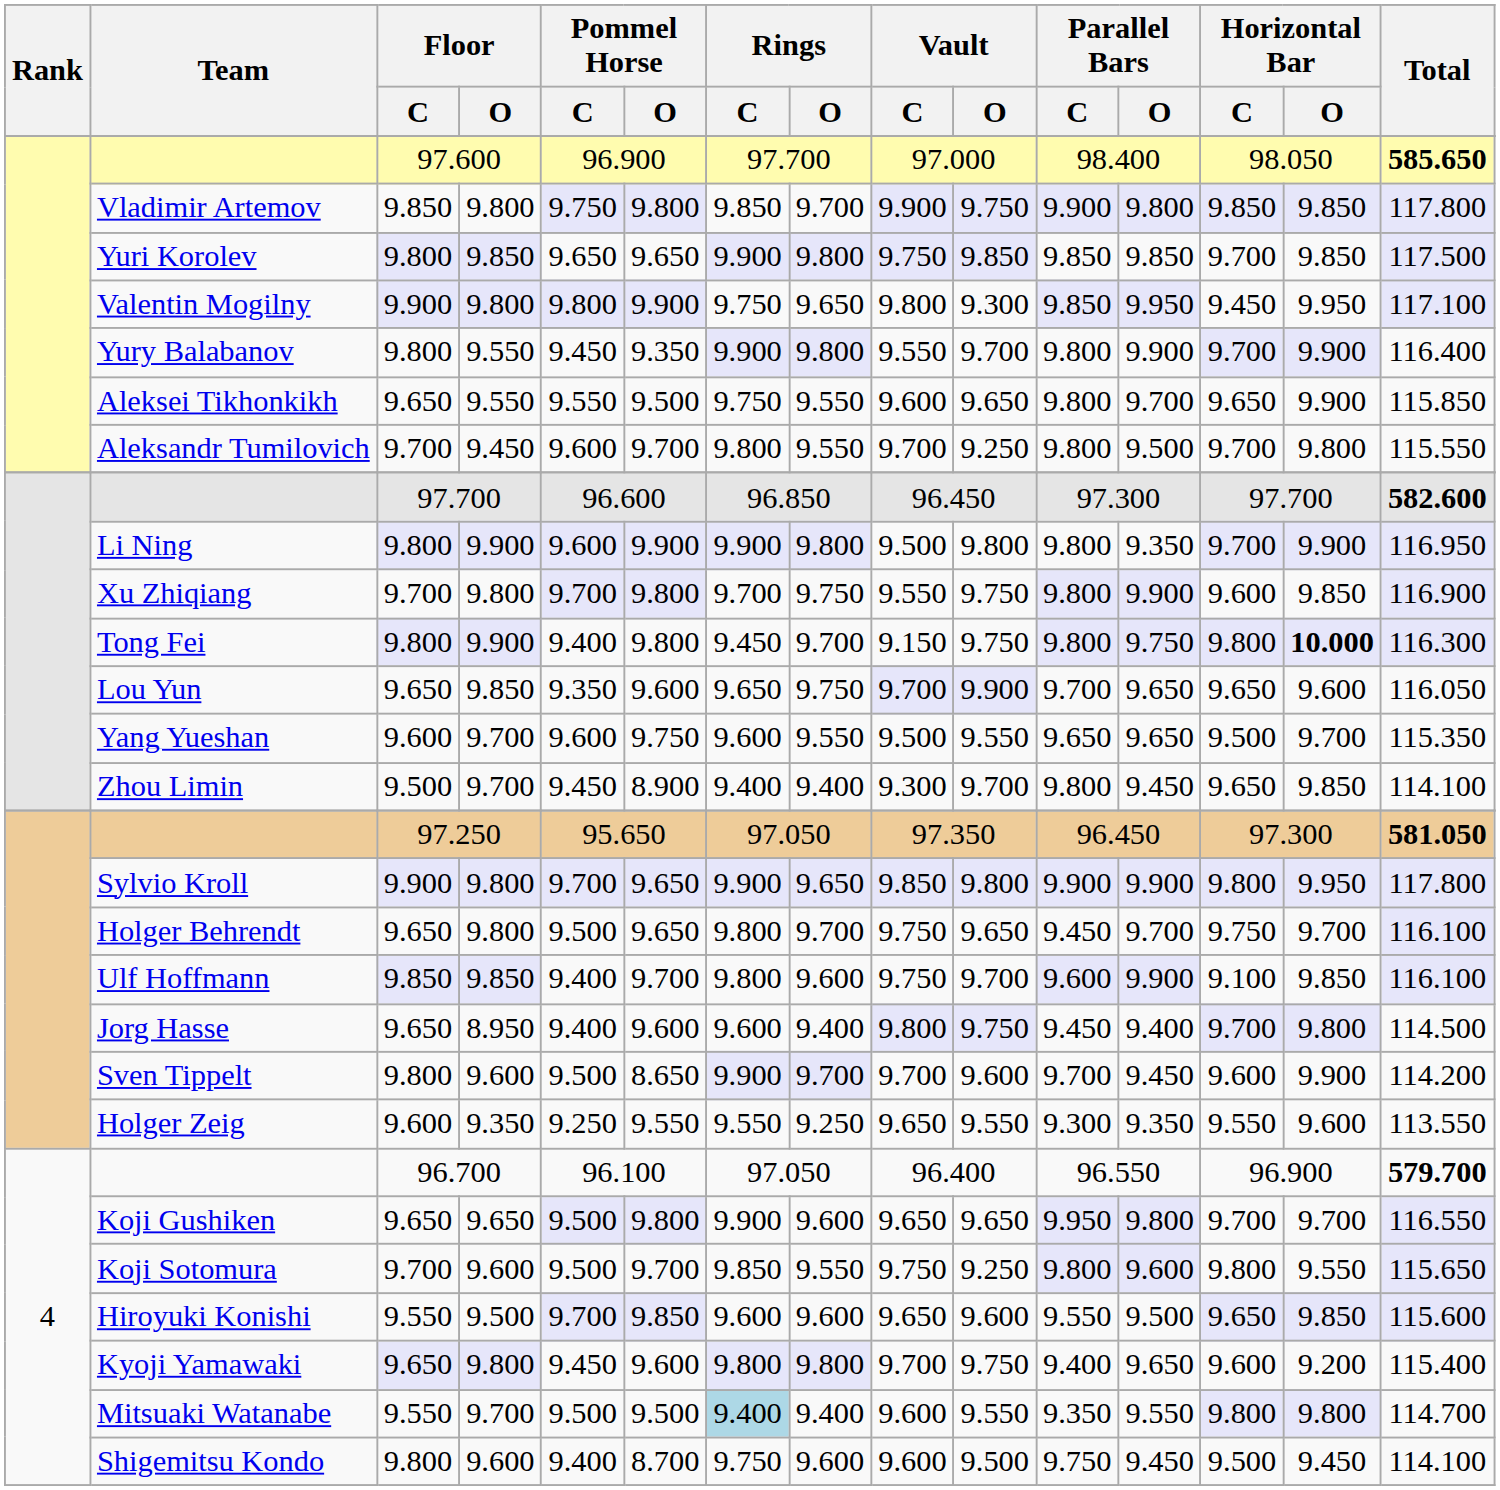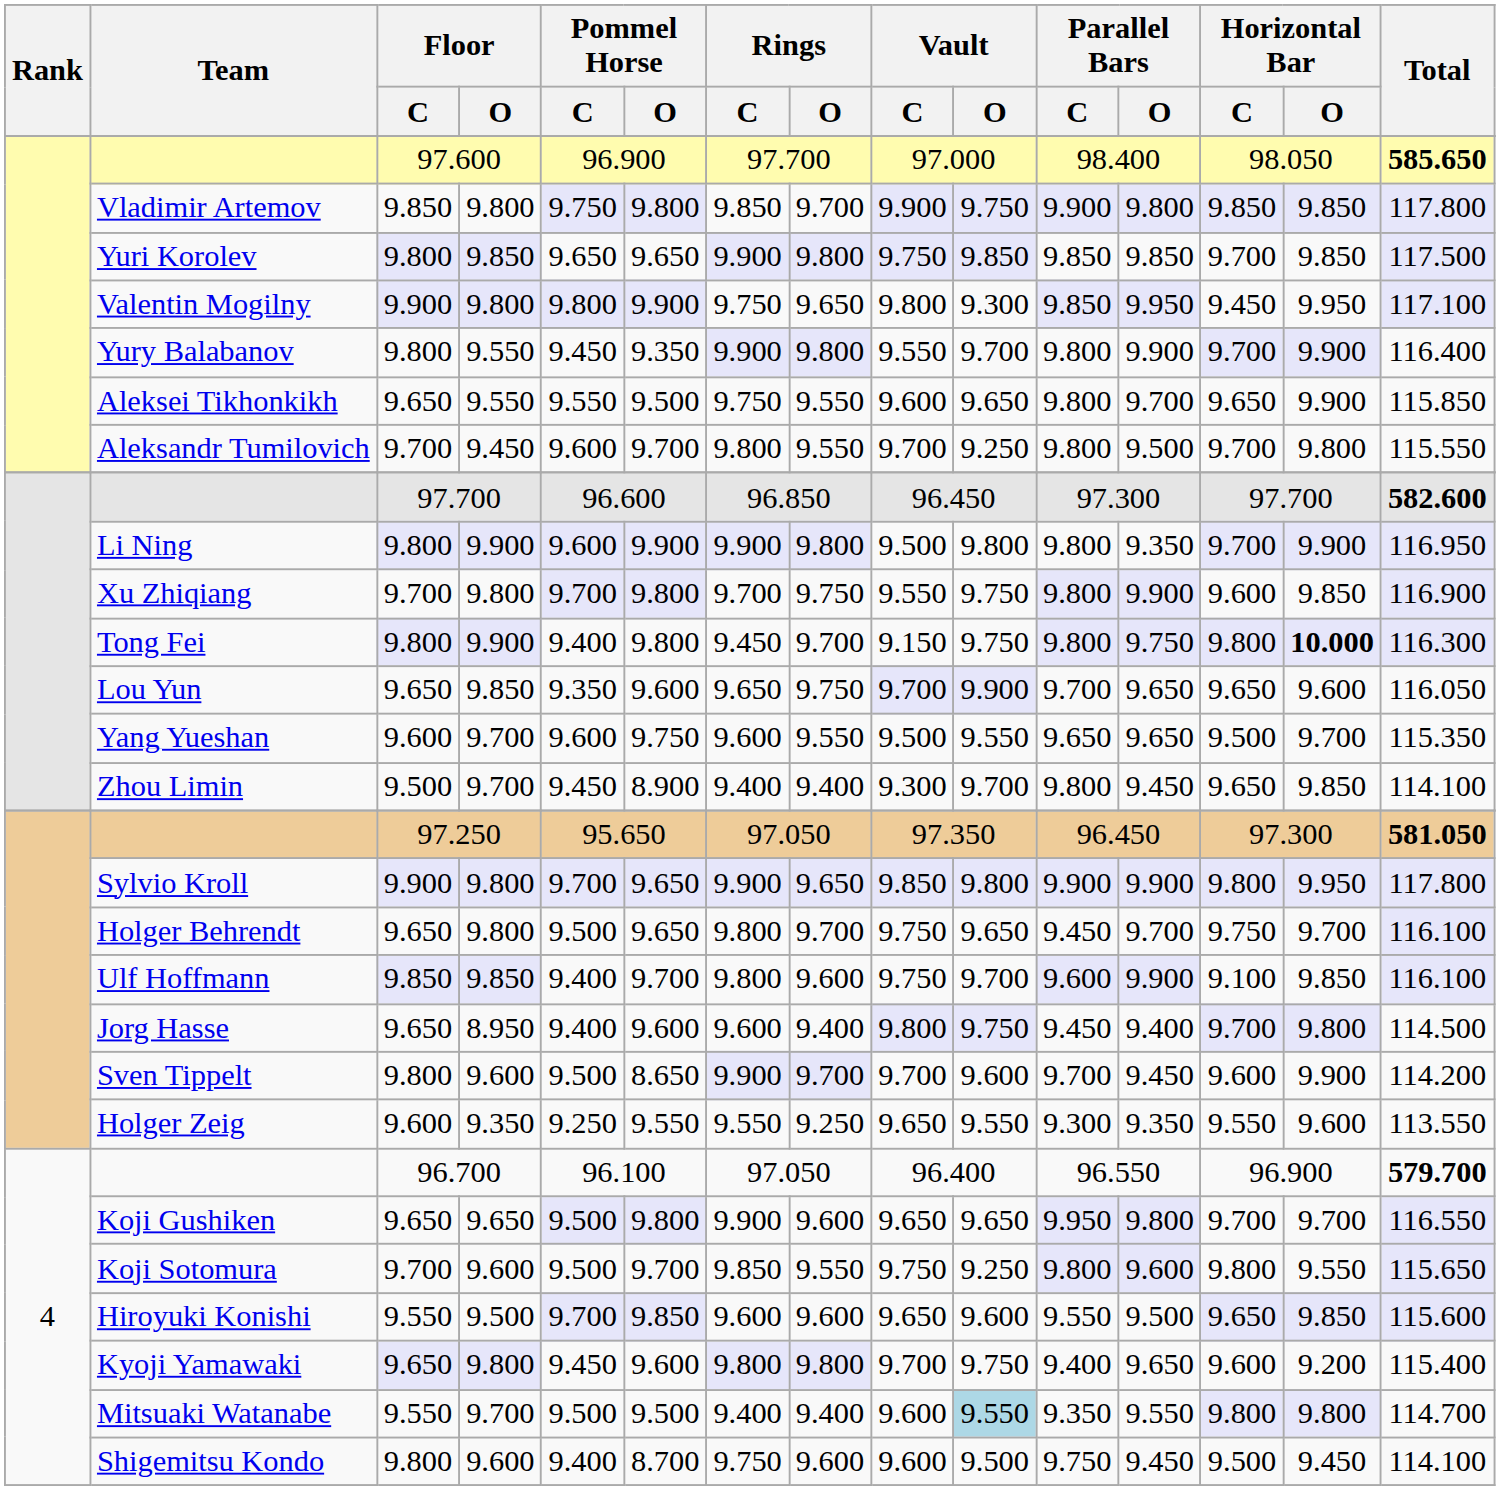 <table class="wikitable" style="text-align:center">
 <tr>
 <th rowspan=2>Rank</th>
 <th rowspan=2>Team</th>
 <th colspan=2>Floor</th>
 <th colspan=2>Pommel<br>Horse</th>
 <th colspan=2>Rings</th>
 <th colspan=2>Vault</th>
 <th colspan=2>Parallel<br>Bars</th>
 <th colspan=2>Horizontal<br>Bar</th>
 <th rowspan=2>Total</th>
 </tr>
 <tr>
 <th>C</th>
 <th>O</th>
 <th>C</th>
 <th>O</th>
 <th>C</th>
 <th>O</th>
 <th>C</th>
 <th>O</th>
 <th>C</th>
 <th>O</th>
 <th>C</th>
 <th>O</th>
 </tr>
 <tr>
 </tr>
 <tr style="background:#fffcaf;">
 <td rowspan=7></td>
 <td align=left></td>
 <td colspan=2>97.600</td>
 <td colspan=2>96.900</td>
 <td colspan=2>97.700</td>
 <td colspan=2>97.000</td>
 <td colspan=2>98.400</td>
 <td colspan=2>98.050</td>
 <td><strong>585.650</strong></td>
 </tr>
 <tr>
 <td align=left><a href='#'>Vladimir Artemov</a></td>
 <td>9.850</td>
 <td>9.800</td>
 <td bgcolor="lavender">9.750</td>
 <td bgcolor="lavender">9.800</td>
 <td>9.850</td>
 <td>9.700</td>
 <td bgcolor="lavender">9.900</td>
 <td bgcolor="lavender">9.750</td>
 <td bgcolor="lavender">9.900</td>
 <td bgcolor="lavender">9.800</td>
 <td bgcolor="lavender">9.850</td>
 <td bgcolor="lavender">9.850</td>
 <td bgcolor="lavender">117.800</td>
 </tr>
 <tr>
 <td align=left><a href='#'>Yuri Korolev</a></td>
 <td bgcolor="lavender">9.800</td>
 <td bgcolor="lavender">9.850</td>
 <td>9.650</td>
 <td>9.650</td>
 <td bgcolor="lavender">9.900</td>
 <td bgcolor="lavender">9.800</td>
 <td bgcolor="lavender">9.750</td>
 <td bgcolor="lavender">9.850</td>
 <td>9.850</td>
 <td>9.850</td>
 <td>9.700</td>
 <td>9.850</td>
 <td bgcolor="lavender">117.500</td>
 </tr>
 <tr>
 <td align=left><a href='#'>Valentin Mogilny</a></td>
 <td bgcolor="lavender">9.900</td>
 <td bgcolor="lavender">9.800</td>
 <td bgcolor="lavender">9.800</td>
 <td bgcolor="lavender">9.900</td>
 <td>9.750</td>
 <td>9.650</td>
 <td>9.800</td>
 <td>9.300</td>
 <td bgcolor="lavender">9.850</td>
 <td bgcolor="lavender">9.950</td>
 <td>9.450</td>
 <td>9.950</td>
 <td bgcolor="lavender">117.100</td>
 </tr>
 <tr>
 <td align=left><a href='#'>Yury Balabanov</a></td>
 <td>9.800</td>
 <td>9.550</td>
 <td>9.450</td>
 <td>9.350</td>
 <td bgcolor="lavender">9.900</td>
 <td bgcolor="lavender">9.800</td>
 <td>9.550</td>
 <td>9.700</td>
 <td>9.800</td>
 <td>9.900</td>
 <td bgcolor="lavender">9.700</td>
 <td bgcolor="lavender">9.900</td>
 <td>116.400</td>
 </tr>
 <tr>
 <td align=left><a href='#'>Aleksei Tikhonkikh</a></td>
 <td>9.650</td>
 <td>9.550</td>
 <td>9.550</td>
 <td>9.500</td>
 <td>9.750</td>
 <td>9.550</td>
 <td>9.600</td>
 <td>9.650</td>
 <td>9.800</td>
 <td>9.700</td>
 <td>9.650</td>
 <td>9.900</td>
 <td>115.850</td>
 </tr>
 <tr>
 <td align=left><a href='#'>Aleksandr Tumilovich</a></td>
 <td>9.700</td>
 <td>9.450</td>
 <td>9.600</td>
 <td>9.700</td>
 <td>9.800</td>
 <td>9.550</td>
 <td>9.700</td>
 <td>9.250</td>
 <td>9.800</td>
 <td>9.500</td>
 <td>9.700</td>
 <td>9.800</td>
 <td>115.550</td>
 </tr>
 <tr>
 </tr>
 <tr style="background:#e5e5e5;">
 <td rowspan=7></td>
 <td align=left></td>
 <td colspan=2>97.700</td>
 <td colspan=2>96.600</td>
 <td colspan="2">96.850</td>
 <td colspan=2>96.450</td>
 <td colspan=2>97.300</td>
 <td colspan=2>97.700</td>
 <td><strong>582.600</strong></td>
 </tr>
 <tr>
 <td align=left><a href='#'>Li Ning</a></td>
 <td bgcolor="lavender">9.800</td>
 <td bgcolor="lavender">9.900</td>
 <td bgcolor="lavender">9.600</td>
 <td bgcolor="lavender">9.900</td>
 <td bgcolor="lavender">9.900</td>
 <td bgcolor="lavender">9.800</td>
 <td>9.500</td>
 <td>9.800</td>
 <td>9.800</td>
 <td>9.350</td>
 <td bgcolor="lavender">9.700</td>
 <td bgcolor="lavender">9.900</td>
 <td bgcolor="lavender">116.950</td>
 </tr>
 <tr>
 <td align=left><a href='#'>Xu Zhiqiang</a></td>
 <td>9.700</td>
 <td>9.800</td>
 <td bgcolor="lavender">9.700</td>
 <td bgcolor="lavender">9.800</td>
 <td>9.700</td>
 <td>9.750</td>
 <td>9.550</td>
 <td>9.750</td>
 <td bgcolor="lavender">9.800</td>
 <td bgcolor="lavender">9.900</td>
 <td>9.600</td>
 <td>9.850</td>
 <td bgcolor="lavender">116.900</td>
 </tr>
 <tr>
 <td align=left><a href='#'>Tong Fei</a></td>
 <td bgcolor="lavender">9.800</td>
 <td bgcolor="lavender">9.900</td>
 <td>9.400</td>
 <td>9.800</td>
 <td>9.450</td>
 <td>9.700</td>
 <td>9.150</td>
 <td>9.750</td>
 <td bgcolor="lavender">9.800</td>
 <td bgcolor="lavender">9.750</td>
 <td bgcolor="lavender">9.800</td>
 <td bgcolor="lavender"><strong>10.000</strong></td>
 <td bgcolor="lavender">116.300</td>
 </tr>
 <tr>
 <td align=left><a href='#'>Lou Yun</a></td>
 <td>9.650</td>
 <td>9.850</td>
 <td>9.350</td>
 <td>9.600</td>
 <td>9.650</td>
 <td>9.750</td>
 <td bgcolor="lavender">9.700</td>
 <td bgcolor="lavender">9.900</td>
 <td>9.700</td>
 <td>9.650</td>
 <td>9.650</td>
 <td>9.600</td>
 <td>116.050</td>
 </tr>
 <tr>
 <td align=left><a href='#'>Yang Yueshan</a></td>
 <td>9.600</td>
 <td>9.700</td>
 <td>9.600</td>
 <td>9.750</td>
 <td>9.600</td>
 <td>9.550</td>
 <td>9.500</td>
 <td>9.550</td>
 <td>9.650</td>
 <td>9.650</td>
 <td>9.500</td>
 <td>9.700</td>
 <td>115.350</td>
 </tr>
 <tr>
 <td align=left><a href='#'>Zhou Limin</a></td>
 <td>9.500</td>
 <td>9.700</td>
 <td>9.450</td>
 <td>8.900</td>
 <td>9.400</td>
 <td>9.400</td>
 <td>9.300</td>
 <td>9.700</td>
 <td>9.800</td>
 <td>9.450</td>
 <td>9.650</td>
 <td>9.850</td>
 <td>114.100</td>
 </tr>
 <tr>
 </tr>
 <tr style="background:#ec9;">
 <td rowspan=7></td>
 <td align=left></td>
 <td colspan=2>97.250</td>
 <td colspan=2>95.650</td>
 <td colspan=2>97.050</td>
 <td colspan=2>97.350</td>
 <td colspan=2>96.450</td>
 <td colspan=2>97.300</td>
 <td><strong>581.050</strong></td>
 </tr>
 <tr>
 <td align=left><a href='#'>Sylvio Kroll</a></td>
 <td bgcolor="lavender">9.900</td>
 <td bgcolor="lavender">9.800</td>
 <td bgcolor="lavender">9.700</td>
 <td bgcolor="lavender">9.650</td>
 <td bgcolor="lavender">9.900</td>
 <td bgcolor="lavender">9.650</td>
 <td bgcolor="lavender">9.850</td>
 <td bgcolor="lavender">9.800</td>
 <td bgcolor="lavender">9.900</td>
 <td bgcolor="lavender">9.900</td>
 <td bgcolor="lavender">9.800</td>
 <td bgcolor="lavender">9.950</td>
 <td bgcolor="lavender">117.800</td>
 </tr>
 <tr>
 <td align=left><a href='#'>Holger Behrendt</a></td>
 <td>9.650</td>
 <td>9.800</td>
 <td>9.500</td>
 <td>9.650</td>
 <td>9.800</td>
 <td>9.700</td>
 <td>9.750</td>
 <td>9.650</td>
 <td>9.450</td>
 <td>9.700</td>
 <td>9.750</td>
 <td>9.700</td>
 <td bgcolor="lavender">116.100</td>
 </tr>
 <tr>
 <td align=left><a href='#'>Ulf Hoffmann</a></td>
 <td bgcolor="lavender">9.850</td>
 <td bgcolor="lavender">9.850</td>
 <td>9.400</td>
 <td>9.700</td>
 <td>9.800</td>
 <td>9.600</td>
 <td>9.750</td>
 <td>9.700</td>
 <td bgcolor="lavender">9.600</td>
 <td bgcolor="lavender">9.900</td>
 <td>9.100</td>
 <td>9.850</td>
 <td bgcolor="lavender">116.100</td>
 </tr>
 <tr>
 <td align=left><a href='#'>Jorg Hasse</a></td>
 <td>9.650</td>
 <td>8.950</td>
 <td>9.400</td>
 <td>9.600</td>
 <td>9.600</td>
 <td>9.400</td>
 <td bgcolor="lavender">9.800</td>
 <td bgcolor="lavender">9.750</td>
 <td>9.450</td>
 <td>9.400</td>
 <td bgcolor="lavender">9.700</td>
 <td bgcolor="lavender">9.800</td>
 <td>114.500</td>
 </tr>
 <tr>
 <td align=left><a href='#'>Sven Tippelt</a></td>
 <td>9.800</td>
 <td>9.600</td>
 <td>9.500</td>
 <td>8.650</td>
 <td bgcolor="lavender">9.900</td>
 <td bgcolor="lavender">9.700</td>
 <td>9.700</td>
 <td>9.600</td>
 <td>9.700</td>
 <td>9.450</td>
 <td>9.600</td>
 <td>9.900</td>
 <td>114.200</td>
 </tr>
 <tr>
 <td align=left><a href='#'>Holger Zeig</a></td>
 <td>9.600</td>
 <td>9.350</td>
 <td>9.250</td>
 <td>9.550</td>
 <td>9.550</td>
 <td>9.250</td>
 <td>9.650</td>
 <td>9.550</td>
 <td>9.300</td>
 <td>9.350</td>
 <td>9.550</td>
 <td>9.600</td>
 <td>113.550</td>
 </tr>
 <tr>
 <td rowspan=7>4</td>
 <td align=left></td>
 <td colspan=2>96.700</td>
 <td colspan=2>96.100</td>
 <td colspan=2>97.050</td>
 <td colspan=2>96.400</td>
 <td colspan=2>96.550</td>
 <td colspan=2>96.900</td>
 <td><strong>579.700</strong></td>
 </tr>
 <tr>
 <td align=left><a href='#'>Koji Gushiken</a></td>
 <td>9.650</td>
 <td>9.650</td>
 <td bgcolor="lavender">9.500</td>
 <td bgcolor="lavender">9.800</td>
 <td>9.900</td>
 <td>9.600</td>
 <td>9.650</td>
 <td>9.650</td>
 <td bgcolor="lavender">9.950</td>
 <td bgcolor="lavender">9.800</td>
 <td>9.700</td>
 <td>9.700</td>
 <td bgcolor="lavender">116.550</td>
 </tr>
 <tr>
 <td align=left><a href='#'>Koji Sotomura</a></td>
 <td>9.700</td>
 <td>9.600</td>
 <td>9.500</td>
 <td>9.700</td>
 <td>9.850</td>
 <td>9.550</td>
 <td>9.750</td>
 <td>9.250</td>
 <td bgcolor="lavender">9.800</td>
 <td bgcolor="lavender">9.600</td>
 <td>9.800</td>
 <td>9.550</td>
 <td bgcolor="lavender">115.650</td>
 </tr>
 <tr>
 <td align=left><a href='#'>Hiroyuki Konishi</a></td>
 <td>9.550</td>
 <td>9.500</td>
 <td bgcolor="lavender">9.700</td>
 <td bgcolor="lavender">9.850</td>
 <td>9.600</td>
 <td>9.600</td>
 <td>9.650</td>
 <td>9.600</td>
 <td>9.550</td>
 <td>9.500</td>
 <td bgcolor="lavender">9.650</td>
 <td bgcolor="lavender">9.850</td>
 <td bgcolor="lavender">115.600</td>
 </tr>
 <tr>
 <td align=left><a href='#'>Kyoji Yamawaki</a></td>
 <td bgcolor="lavender">9.650</td>
 <td bgcolor="lavender">9.800</td>
 <td>9.450</td>
 <td>9.600</td>
 <td bgcolor="lavender">9.800</td>
 <td bgcolor="lavender">9.800</td>
 <td>9.700</td>
 <td>9.750</td>
 <td>9.400</td>
 <td>9.650</td>
 <td>9.600</td>
 <td>9.200</td>
 <td>115.400</td>
 </tr>
 <tr>
 <td align=left><a href='#'>Mitsuaki Watanabe</a></td>
 <td>9.550</td>
 <td>9.700</td>
 <td>9.500</td>
 <td>9.500</td>
-<td style="background: lightblue;">9.400</td>
+<td>9.400</td>
 <td>9.400</td>
 <td>9.600</td>
-<td>9.550</td>
+<td style="background: lightblue;">9.550</td>
 <td>9.350</td>
 <td>9.550</td>
 <td bgcolor="lavender">9.800</td>
 <td bgcolor="lavender">9.800</td>
 <td>114.700</td>
 </tr>
 <tr>
 <td align=left><a href='#'>Shigemitsu Kondo</a></td>
 <td>9.800</td>
 <td>9.600</td>
 <td>9.400</td>
 <td>8.700</td>
 <td>9.750</td>
 <td>9.600</td>
 <td>9.600</td>
 <td>9.500</td>
 <td>9.750</td>
 <td>9.450</td>
 <td>9.500</td>
 <td>9.450</td>
 <td>114.100</td>
 </tr>
 </table>
